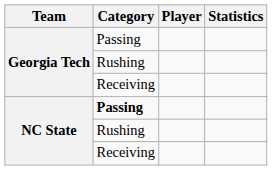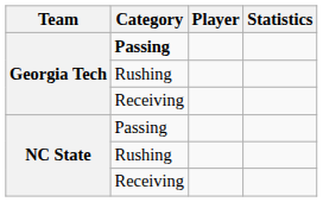 <table class="wikitable" style="float:right">
 <tr>
 <th>Team</th>
 <th>Category</th>
 <th>Player</th>
 <th>Statistics</th>
 </tr>
 <tr>
 <th rowspan=3>Georgia Tech</th>
-<td>Passing</td>
+<td><strong>Passing</strong></td>
 <td></td>
 <td></td>
 </tr>
 <tr>
 <td>Rushing</td>
 <td></td>
 <td></td>
 </tr>
 <tr>
 <td>Receiving</td>
 <td></td>
 <td></td>
 </tr>
 <tr>
 <th rowspan=3>NC State</th>
-<td><strong>Passing</strong></td>
+<td>Passing</td>
 <td></td>
 <td></td>
 </tr>
 <tr>
 <td>Rushing</td>
 <td></td>
 <td></td>
 </tr>
 <tr>
 <td>Receiving</td>
 <td></td>
 <td></td>
 </tr>
 </table>
